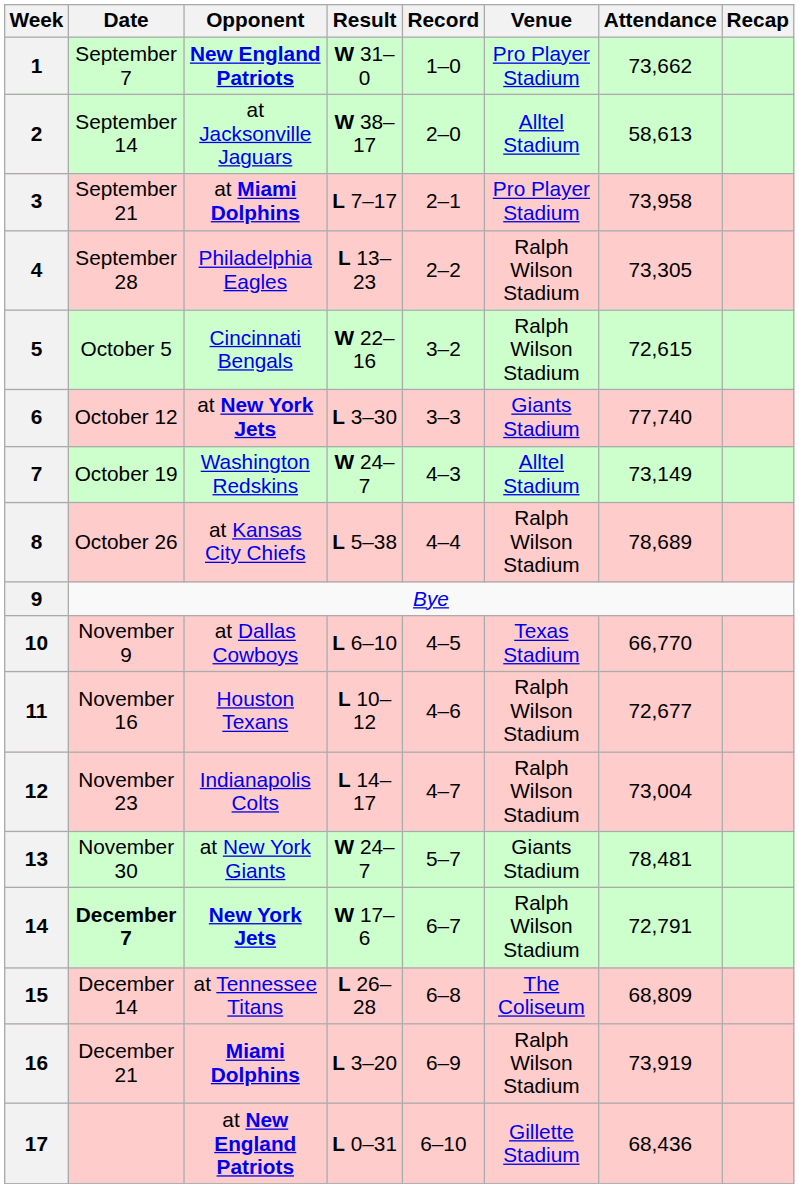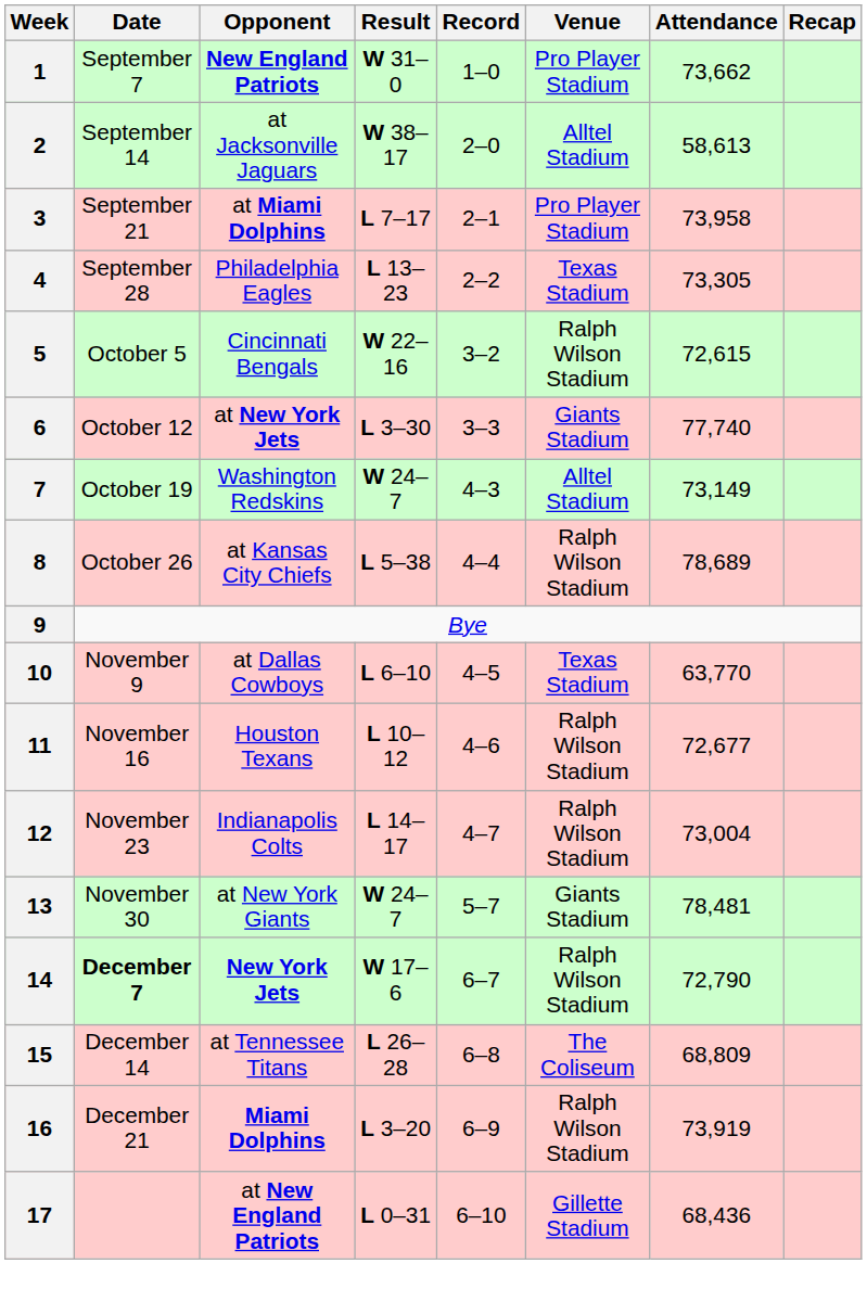 <table class="wikitable" style="text-align:center">
 <tr>
 <th>Week</th>
 <th>Date</th>
 <th>Opponent</th>
 <th>Result</th>
 <th>Record</th>
 <th>Venue</th>
 <th>Attendance</th>
 <th>Recap</th>
 </tr>
 <tr style="background:#cfc">
 <th>1</th>
 <td>September 7</td>
 <td><strong><a href='#'>New England Patriots</a></strong></td>
 <td><strong>W</strong> 31–0</td>
 <td>1–0</td>
 <td><a href='#'>Pro Player Stadium</a></td>
 <td>73,662</td>
 <td></td>
 </tr>
 <tr style="background:#cfc">
 <th>2</th>
 <td>September 14</td>
 <td>at <a href='#'>Jacksonville Jaguars</a></td>
 <td><strong>W</strong> 38–17</td>
 <td>2–0</td>
 <td><a href='#'>Alltel Stadium</a></td>
 <td>58,613</td>
 <td></td>
 </tr>
 <tr style="background:#fcc">
 <th>3</th>
 <td>September 21</td>
 <td>at <strong><a href='#'>Miami Dolphins</a></strong></td>
 <td><strong>L</strong> 7–17</td>
 <td>2–1</td>
 <td><a href='#'>Pro Player Stadium</a></td>
 <td>73,958</td>
 <td></td>
 </tr>
 <tr style="background:#fcc">
 <th>4</th>
 <td>September 28</td>
 <td><a href='#'>Philadelphia Eagles</a></td>
 <td><strong>L</strong> 13–23</td>
 <td>2–2</td>
-<td>Ralph Wilson Stadium</td>
+<td><a href='#'>Texas Stadium</a></td>
 <td>73,305</td>
 <td></td>
 </tr>
 <tr style="background:#cfc">
 <th>5</th>
 <td>October 5</td>
 <td><a href='#'>Cincinnati Bengals</a></td>
 <td><strong>W</strong> 22–16 </td>
 <td>3–2</td>
 <td>Ralph Wilson Stadium</td>
 <td>72,615</td>
 <td></td>
 </tr>
 <tr style="background:#fcc">
 <th>6</th>
 <td>October 12</td>
 <td>at <strong><a href='#'>New York Jets</a></strong></td>
 <td><strong>L</strong> 3–30</td>
 <td>3–3</td>
 <td><a href='#'>Giants Stadium</a></td>
 <td>77,740</td>
 <td></td>
 </tr>
 <tr style="background:#cfc">
 <th>7</th>
 <td>October 19</td>
 <td><a href='#'>Washington Redskins</a></td>
 <td><strong>W</strong> 24–7</td>
 <td>4–3</td>
 <td><a href='#'>Alltel Stadium</a></td>
 <td>73,149</td>
 <td></td>
 </tr>
 <tr style="background:#fcc">
 <th>8</th>
 <td>October 26</td>
 <td>at <a href='#'>Kansas City Chiefs</a></td>
 <td><strong>L</strong> 5–38</td>
 <td>4–4</td>
 <td>Ralph Wilson Stadium</td>
 <td>78,689</td>
 <td></td>
 </tr>
 <tr>
 <th>9</th>
 <td colspan="7"><em><a href='#'>Bye</a></em></td>
 </tr>
 <tr style="background:#fcc">
 <th>10</th>
 <td>November 9</td>
 <td>at <a href='#'>Dallas Cowboys</a></td>
 <td><strong>L</strong> 6–10</td>
 <td>4–5</td>
 <td><a href='#'>Texas Stadium</a></td>
-<td>66,770</td>
+<td>63,770</td>
 <td></td>
 </tr>
 <tr style="background:#fcc">
 <th>11</th>
 <td>November 16</td>
 <td><a href='#'>Houston Texans</a></td>
 <td><strong>L</strong> 10–12</td>
 <td>4–6</td>
 <td>Ralph Wilson Stadium</td>
 <td>72,677</td>
 <td></td>
 </tr>
 <tr style="background:#fcc">
 <th>12</th>
 <td>November 23</td>
 <td><a href='#'>Indianapolis Colts</a></td>
 <td><strong>L</strong> 14–17</td>
 <td>4–7</td>
 <td>Ralph Wilson Stadium</td>
 <td>73,004</td>
 <td></td>
 </tr>
 <tr style="background:#cfc">
 <th>13</th>
 <td>November 30</td>
 <td>at <a href='#'>New York Giants</a></td>
 <td><strong>W</strong> 24–7</td>
 <td>5–7</td>
 <td>Giants Stadium</td>
 <td>78,481</td>
 <td></td>
 </tr>
 <tr style="background:#cfc">
 <th>14</th>
 <td><strong>December 7</strong></td>
 <td><strong><a href='#'>New York Jets</a></strong></td>
 <td><strong>W</strong> 17–6</td>
 <td>6–7</td>
 <td>Ralph Wilson Stadium</td>
-<td>72,791</td>
+<td>72,790</td>
 <td></td>
 </tr>
 <tr style="background:#fcc">
 <th>15</th>
 <td>December 14</td>
 <td>at <a href='#'>Tennessee Titans</a></td>
 <td><strong>L</strong> 26–28</td>
 <td>6–8</td>
 <td><a href='#'>The Coliseum</a></td>
 <td>68,809</td>
 <td></td>
 </tr>
 <tr style="background:#fcc">
 <th>16</th>
 <td>December 21</td>
 <td><strong><a href='#'>Miami Dolphins</a></strong></td>
 <td><strong>L</strong> 3–20</td>
 <td>6–9</td>
 <td>Ralph Wilson Stadium</td>
 <td>73,919</td>
 <td></td>
 </tr>
 <tr style="background:#fcc">
 <th>17</th>
 <td></td>
 <td>at <strong><a href='#'>New England Patriots</a></strong></td>
 <td><strong>L</strong> 0–31</td>
 <td>6–10</td>
 <td><a href='#'>Gillette Stadium</a></td>
 <td>68,436</td>
 <td></td>
 </tr>
 </table>
